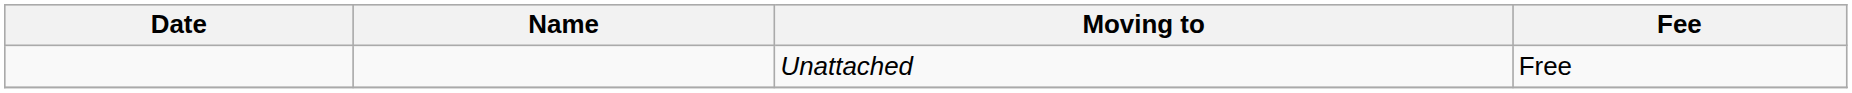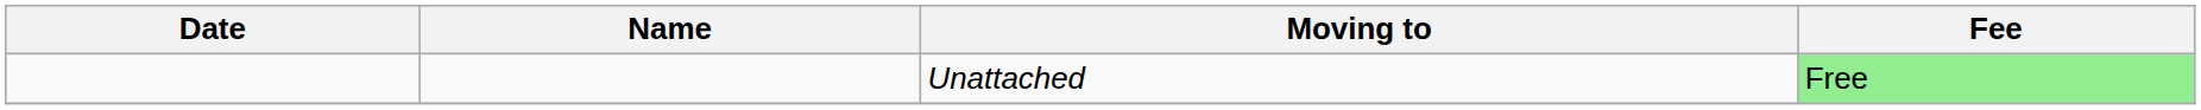 <table class="wikitable sortable" width=90%>
 <tr>
 <th>Date</th>
 <th>Name</th>
 <th>Moving to</th>
 <th>Fee</th>
 </tr>
 <tr>
 <td></td>
 <td> </td>
 <td> <em>Unattached</em></td>
-<td>Free</td>
+<td style="background: lightgreen;">Free</td>
 </tr>
 <tr>
 </tr>
 </table>
